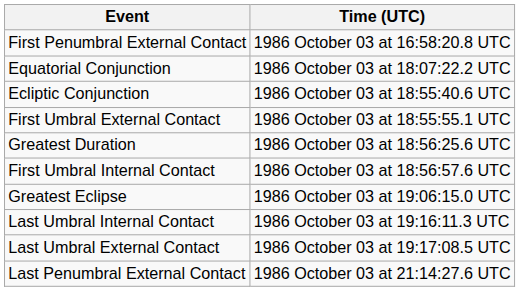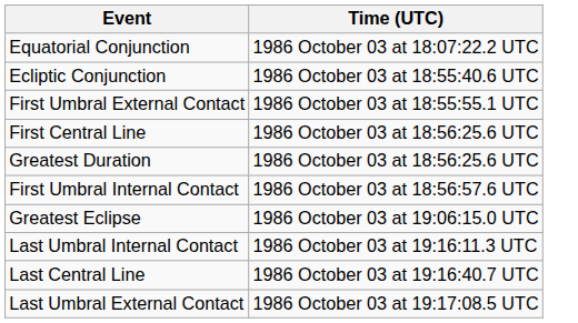 <table class="wikitable">
 <tr>
 <th>Event</th>
 <th>Time (UTC)</th>
-</tr>
-<tr>
-<td>First Penumbral External Contact</td>
-<td>1986 October 03 at 16:58:20.8 UTC</td>
 </tr>
 <tr>
 <td>Equatorial Conjunction</td>
 <td>1986 October 03 at 18:07:22.2 UTC</td>
 </tr>
 <tr>
 <td>Ecliptic Conjunction</td>
 <td>1986 October 03 at 18:55:40.6 UTC</td>
 </tr>
 <tr>
 <td>First Umbral External Contact</td>
 <td>1986 October 03 at 18:55:55.1 UTC</td>
+</tr>
+<tr>
+<td>First Central Line</td>
+<td>1986 October 03 at 18:56:25.6 UTC</td>
 </tr>
 <tr>
 <td>Greatest Duration</td>
 <td>1986 October 03 at 18:56:25.6 UTC</td>
 </tr>
 <tr>
 <td>First Umbral Internal Contact</td>
 <td>1986 October 03 at 18:56:57.6 UTC</td>
 </tr>
 <tr>
 <td>Greatest Eclipse</td>
 <td>1986 October 03 at 19:06:15.0 UTC</td>
 </tr>
 <tr>
 <td>Last Umbral Internal Contact</td>
 <td>1986 October 03 at 19:16:11.3 UTC</td>
 </tr>
 <tr>
+<td>Last Central Line</td>
+<td>1986 October 03 at 19:16:40.7 UTC</td>
+</tr>
+<tr>
 <td>Last Umbral External Contact</td>
 <td>1986 October 03 at 19:17:08.5 UTC</td>
 </tr>
-<tr>
-<td>Last Penumbral External Contact</td>
-<td>1986 October 03 at 21:14:27.6 UTC</td>
-</tr>
 </table>
